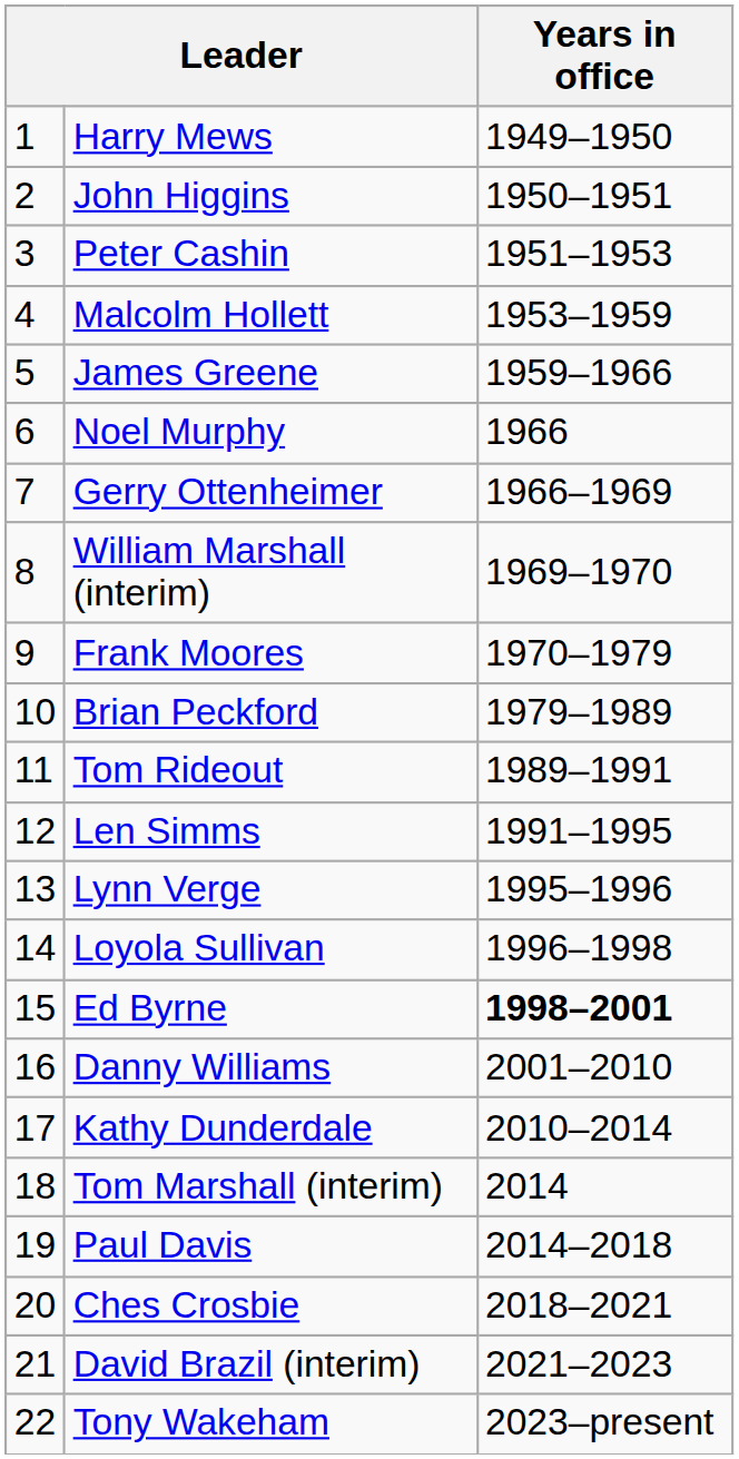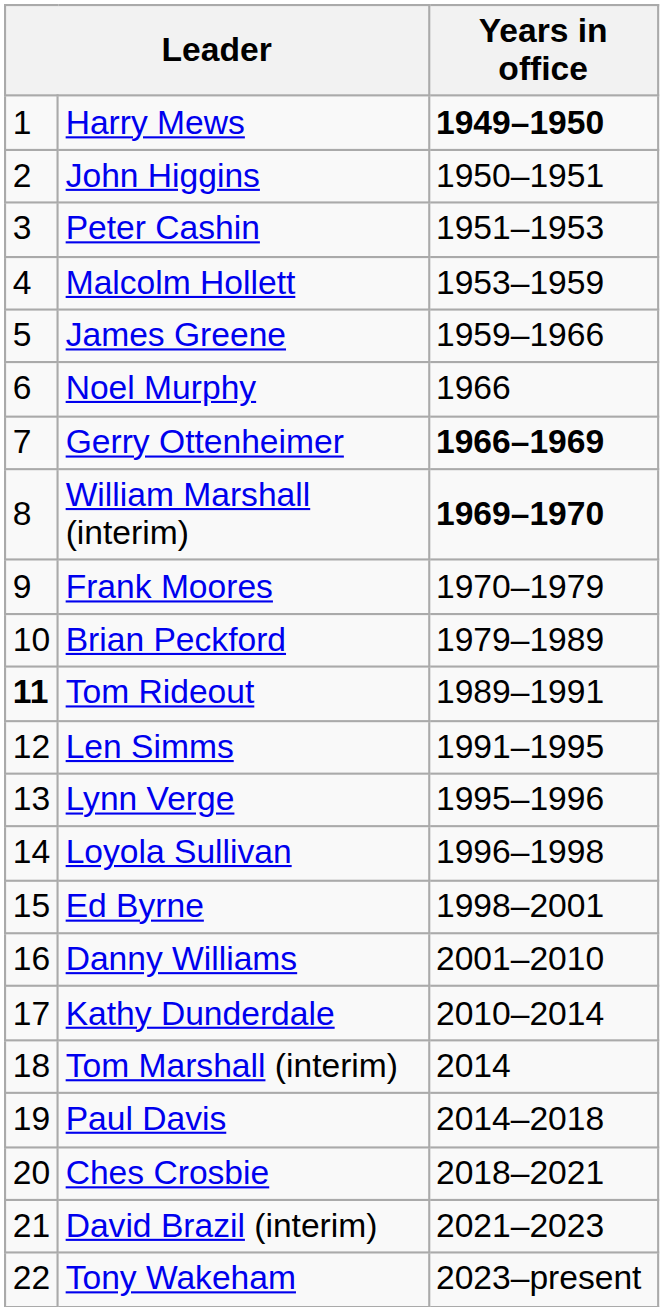 <table class="wikitable" style=width:50%;>
 <tr>
 <th colspan="2">Leader</th>
 <th>Years in office</th>
 </tr>
 <tr>
 <td>1</td>
 <td><a href='#'>Harry Mews</a></td>
-<td>1949–1950</td>
+<td><strong>1949–1950</strong></td>
 </tr>
 <tr>
 <td>2</td>
 <td><a href='#'>John Higgins</a></td>
 <td>1950–1951</td>
 </tr>
 <tr>
 <td>3</td>
 <td><a href='#'>Peter Cashin</a></td>
 <td>1951–1953</td>
 </tr>
 <tr>
 <td>4</td>
 <td><a href='#'>Malcolm Hollett</a></td>
 <td>1953–1959</td>
 </tr>
 <tr>
 <td>5</td>
 <td><a href='#'>James Greene</a></td>
 <td>1959–1966</td>
 </tr>
 <tr>
 <td>6</td>
 <td><a href='#'>Noel Murphy</a></td>
 <td>1966</td>
 </tr>
 <tr>
 <td>7</td>
 <td><a href='#'>Gerry Ottenheimer</a></td>
-<td>1966–1969</td>
+<td><strong>1966–1969</strong></td>
 </tr>
 <tr>
 <td>8</td>
 <td><a href='#'>William Marshall</a> (interim)</td>
-<td>1969–1970</td>
+<td><strong>1969–1970</strong></td>
 </tr>
 <tr>
 <td>9</td>
 <td><a href='#'>Frank Moores</a></td>
 <td>1970–1979</td>
 </tr>
 <tr>
 <td>10</td>
 <td><a href='#'>Brian Peckford</a></td>
 <td>1979–1989</td>
 </tr>
 <tr>
-<td>11</td>
+<td><strong>11</strong></td>
 <td><a href='#'>Tom Rideout</a></td>
 <td>1989–1991</td>
 </tr>
 <tr>
 <td>12</td>
 <td><a href='#'>Len Simms</a></td>
 <td>1991–1995</td>
 </tr>
 <tr>
 <td>13</td>
 <td><a href='#'>Lynn Verge</a></td>
 <td>1995–1996</td>
 </tr>
 <tr>
 <td>14</td>
 <td><a href='#'>Loyola Sullivan</a></td>
 <td>1996–1998</td>
 </tr>
 <tr>
 <td>15</td>
 <td><a href='#'>Ed Byrne</a></td>
-<td><strong>1998–2001</strong></td>
+<td>1998–2001</td>
 </tr>
 <tr>
 <td>16</td>
 <td><a href='#'>Danny Williams</a></td>
 <td>2001–2010</td>
 </tr>
 <tr>
 <td>17</td>
 <td><a href='#'>Kathy Dunderdale</a></td>
 <td>2010–2014</td>
 </tr>
 <tr>
 <td>18</td>
 <td><a href='#'>Tom Marshall</a> (interim)</td>
 <td>2014</td>
 </tr>
 <tr>
 <td>19</td>
 <td><a href='#'>Paul Davis</a></td>
 <td>2014–2018</td>
 </tr>
 <tr>
 <td>20</td>
 <td><a href='#'>Ches Crosbie</a></td>
 <td>2018–2021</td>
 </tr>
 <tr>
 <td>21</td>
 <td><a href='#'>David Brazil</a> (interim)</td>
 <td>2021–2023</td>
 </tr>
 <tr>
 <td>22</td>
 <td><a href='#'>Tony Wakeham</a></td>
 <td>2023–present</td>
 </tr>
 </table>
